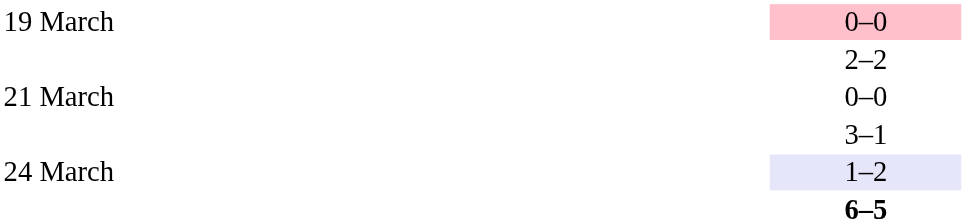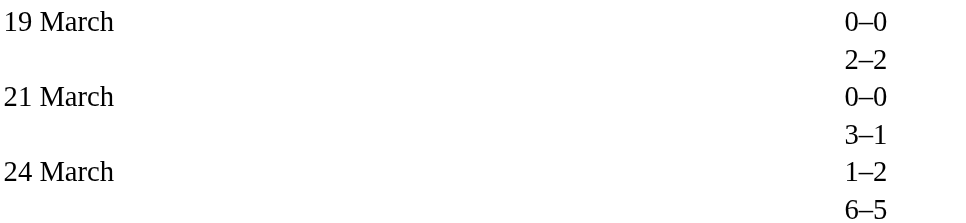 <table cellspacing=1 width=85%>
 <tr>
 <th width=15%></th>
 <th width=25%></th>
 <th width=10%></th>
 <th width=25%></th>
 <th width=25%></th>
 </tr>
 <tr>
 <td>19 March</td>
 <td align=right></td>
-<td align=center style="background: pink;">0–0</td>
+<td align=center>0–0</td>
 <td></td>
 </tr>
 <tr>
 <td></td>
 <td align=right></td>
 <td align=center>2–2</td>
 <td></td>
 </tr>
 <tr>
 <td>21 March</td>
 <td align=right></td>
 <td align=center>0–0</td>
 <td></td>
 </tr>
 <tr>
 <td></td>
 <td align=right></td>
 <td align=center>3–1</td>
 <td></td>
 </tr>
 <tr>
 <td>24 March</td>
 <td align=right></td>
-<td align=center style="background: lavender;">1–2</td>
+<td align=center>1–2</td>
 <td></td>
 </tr>
 <tr>
 <td></td>
 <td align=right></td>
-<td align=center><strong>6–5</strong></td>
+<td align=center>6–5</td>
 <td></td>
 </tr>
 </table>
